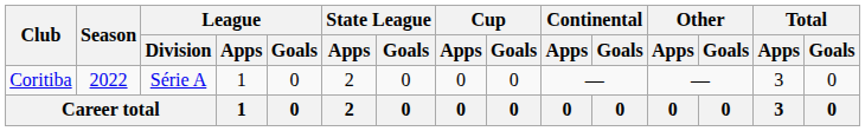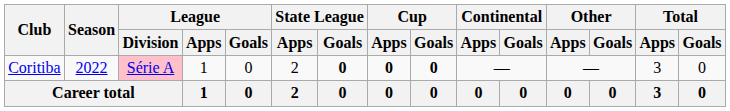 <table class="wikitable" style="text-align: center;">
 <tr>
 <th rowspan="2">Club</th>
 <th rowspan="2">Season</th>
 <th colspan="3">League</th>
 <th colspan="2">State League</th>
 <th colspan="2">Cup</th>
 <th colspan="2">Continental</th>
 <th colspan="2">Other</th>
 <th colspan="2">Total</th>
 </tr>
 <tr>
 <th>Division</th>
 <th>Apps</th>
 <th>Goals</th>
 <th>Apps</th>
 <th>Goals</th>
 <th>Apps</th>
 <th>Goals</th>
 <th>Apps</th>
 <th>Goals</th>
 <th>Apps</th>
 <th>Goals</th>
 <th>Apps</th>
 <th>Goals</th>
 </tr>
 <tr>
 <td><a href='#'>Coritiba</a></td>
 <td><a href='#'>2022</a></td>
-<td><a href='#'>Série A</a></td>
+<td style="background: pink;"><a href='#'>Série A</a></td>
 <td>1</td>
 <td>0</td>
 <td>2</td>
-<td>0</td>
-<td>0</td>
-<td>0</td>
+<td><strong>0</strong></td>
+<td><strong>0</strong></td>
+<td><strong>0</strong></td>
 <td colspan="2">—</td>
 <td colspan="2">—</td>
 <td>3</td>
 <td>0</td>
 </tr>
 <tr>
 <th colspan="3">Career total</th>
 <th>1</th>
 <th>0</th>
 <th>2</th>
 <th>0</th>
 <th>0</th>
 <th>0</th>
 <th>0</th>
 <th>0</th>
 <th>0</th>
 <th>0</th>
 <th>3</th>
 <th>0</th>
 </tr>
 </table>
